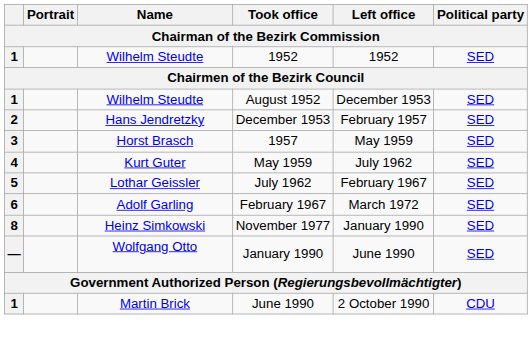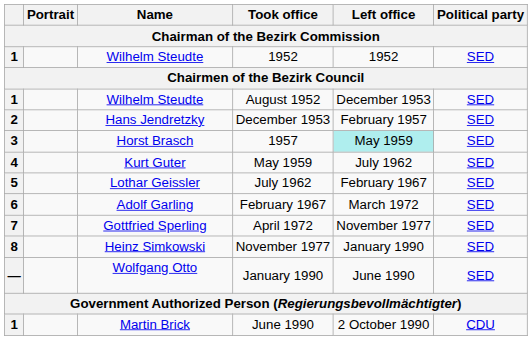 <table class="wikitable" style="text-align:center">
 <tr>
 <th></th>
 <th>Portrait</th>
 <th width=180>Name<br></th>
 <th>Took office</th>
 <th>Left office</th>
 <th>Political party</th>
 </tr>
 <tr>
 <th colspan=6>Chairman of the Bezirk Commission</th>
 </tr>
 <tr>
 <th style="background:">1</th>
 <td></td>
 <td><a href='#'>Wilhelm Steudte</a><br></td>
 <td>1952</td>
 <td>1952</td>
 <td><a href='#'>SED</a></td>
 </tr>
 <tr>
 <th colspan=6>Chairmen of the Bezirk Council</th>
 </tr>
 <tr>
 <th style="background:">1</th>
 <td></td>
 <td><a href='#'>Wilhelm Steudte</a><br></td>
 <td>August 1952</td>
 <td>December 1953</td>
 <td><a href='#'>SED</a></td>
 </tr>
 <tr>
 <th style="background:">2</th>
 <td></td>
 <td><a href='#'>Hans Jendretzky</a><br></td>
 <td>December 1953</td>
 <td>February 1957</td>
 <td><a href='#'>SED</a></td>
 </tr>
 <tr>
 <th style="background:">3</th>
 <td></td>
 <td><a href='#'>Horst Brasch</a><br></td>
 <td>1957</td>
-<td>May 1959</td>
+<td style="background: paleturquoise;">May 1959</td>
 <td><a href='#'>SED</a></td>
 </tr>
 <tr>
 <th style="background:">4</th>
 <td></td>
 <td><a href='#'>Kurt Guter</a><br></td>
 <td>May 1959</td>
 <td>July 1962</td>
 <td><a href='#'>SED</a></td>
 </tr>
 <tr>
 <th style="background:">5</th>
 <td></td>
 <td><a href='#'>Lothar Geissler</a><br></td>
 <td>July 1962</td>
 <td>February 1967</td>
 <td><a href='#'>SED</a></td>
 </tr>
 <tr>
 <th style="background:">6</th>
 <td></td>
 <td><a href='#'>Adolf Garling</a><br></td>
 <td>February 1967</td>
 <td>March 1972</td>
+<td><a href='#'>SED</a></td>
+</tr>
+<tr>
+<th style="background:">7</th>
+<td></td>
+<td><a href='#'>Gottfried Sperling</a><br></td>
+<td>April 1972</td>
+<td>November 1977</td>
 <td><a href='#'>SED</a></td>
 </tr>
 <tr>
 <th style="background:">8</th>
 <td></td>
 <td><a href='#'>Heinz Simkowski</a><br></td>
 <td>November 1977</td>
 <td>January 1990</td>
 <td><a href='#'>SED</a></td>
 </tr>
 <tr>
 <th style="background:">—</th>
 <td></td>
 <td><a href='#'>Wolfgang Otto</a><br><br></td>
 <td>January 1990</td>
 <td>June 1990</td>
 <td><a href='#'>SED</a></td>
 </tr>
 <tr>
 <th colspan=6>Government Authorized Person (<em>Regierungsbevollmächtigter</em>)</th>
 </tr>
 <tr>
 <th style="background:">1</th>
 <td></td>
 <td><a href='#'>Martin Brick</a><br></td>
 <td>June 1990</td>
 <td>2 October 1990</td>
 <td><a href='#'>CDU</a></td>
 </tr>
 </table>
